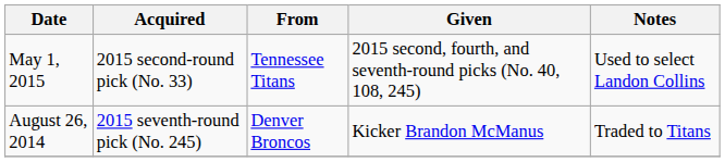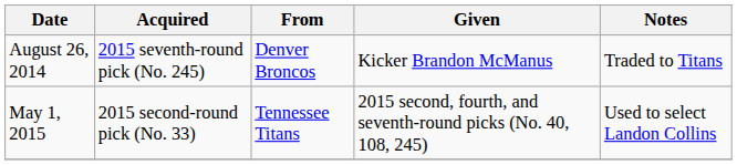 <table class="wikitable" style="font-size: 95%;">
 <tr>
 <th>Date</th>
 <th>Acquired</th>
 <th>From</th>
 <th>Given</th>
 <th>Notes</th>
 </tr>
 <tr>
+<td>August 26, 2014</td>
+<td><a href='#'>2015</a> seventh-round pick (No. 245)</td>
+<td><a href='#'>Denver Broncos</a></td>
+<td>Kicker <a href='#'>Brandon McManus</a></td>
+<td>Traded to <a href='#'>Titans</a></td>
+</tr>
+<tr>
 <td>May 1, 2015</td>
 <td>2015 second-round pick (No. 33)</td>
 <td><a href='#'>Tennessee Titans</a></td>
 <td>2015 second, fourth, and seventh-round picks (No. 40, 108, 245)</td>
 <td>Used to select <a href='#'>Landon Collins</a></td>
 </tr>
 <tr>
-<td>August 26, 2014</td>
-<td><a href='#'>2015</a> seventh-round pick (No. 245)</td>
-<td><a href='#'>Denver Broncos</a></td>
-<td>Kicker <a href='#'>Brandon McManus</a></td>
-<td>Traded to <a href='#'>Titans</a></td>
-</tr>
-<tr>
 </tr>
 </table>
